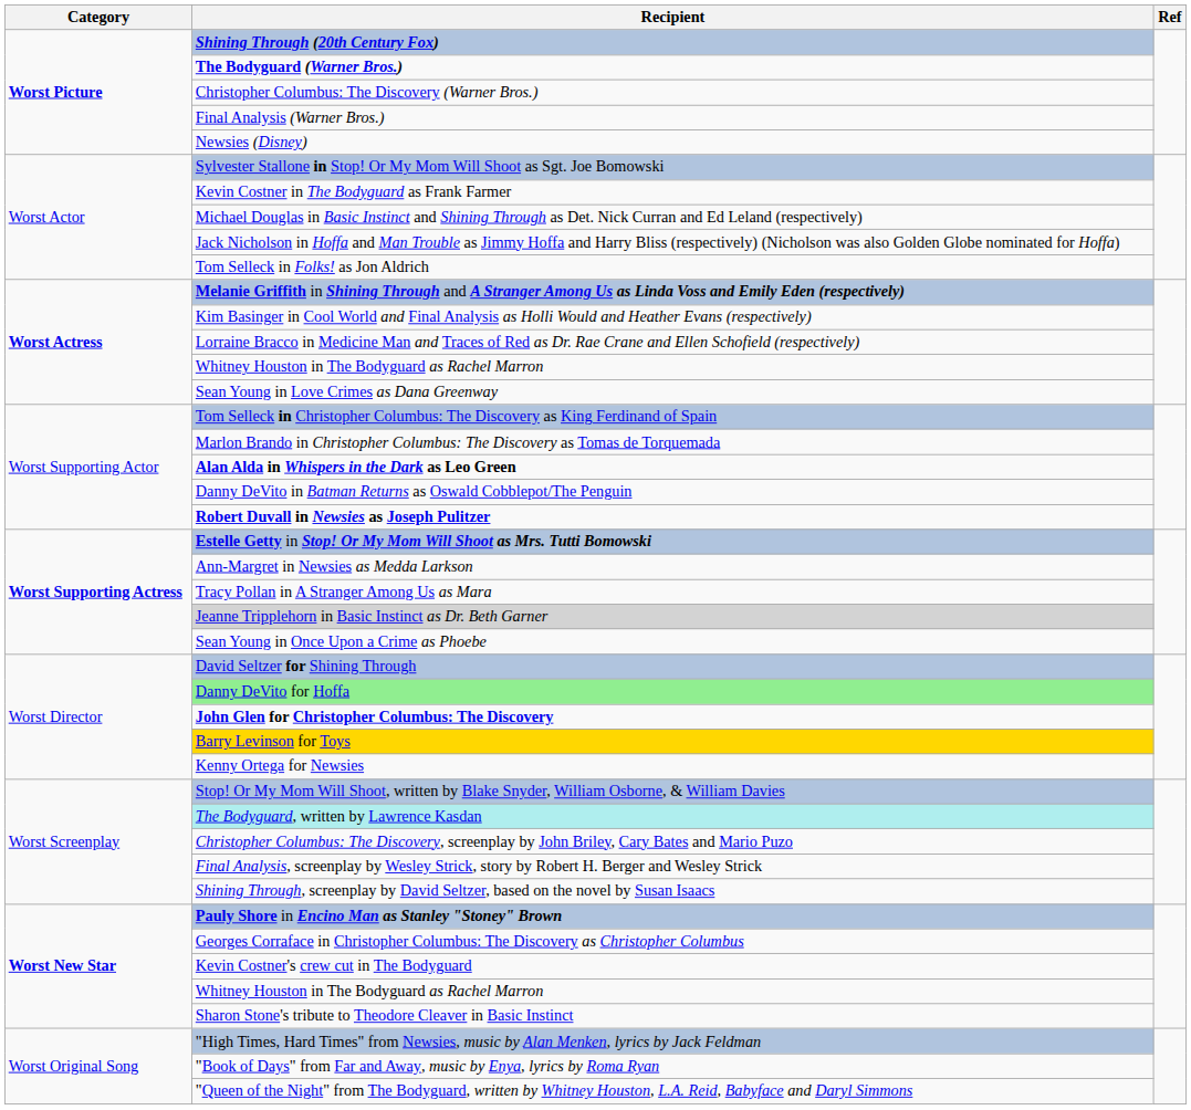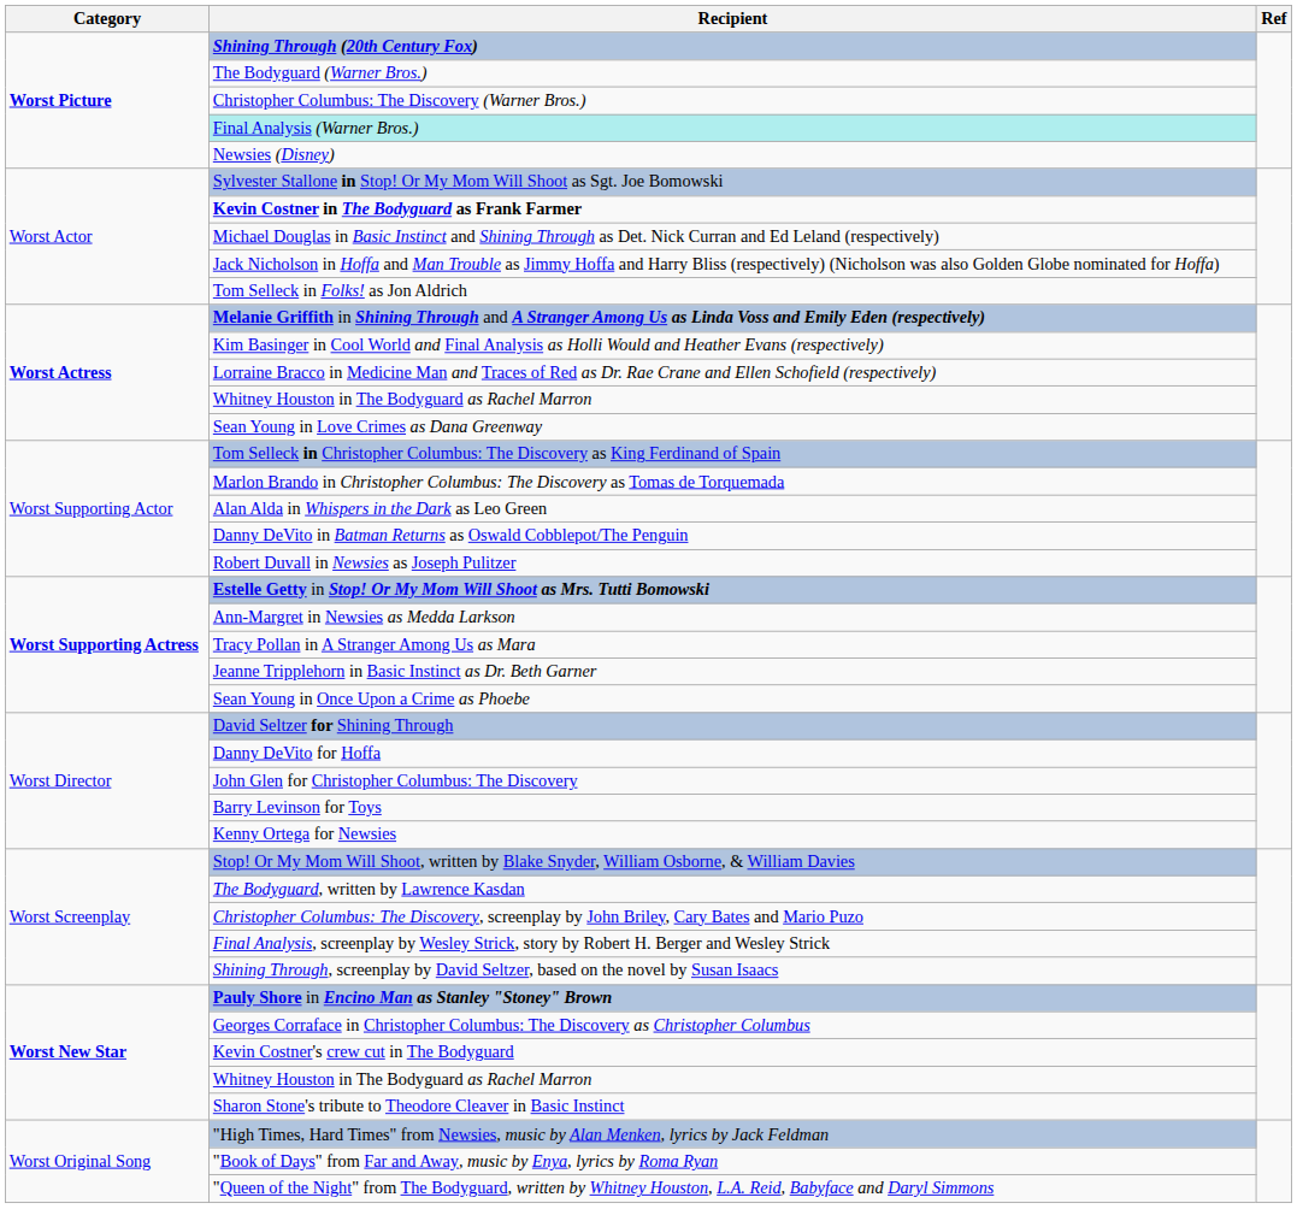 <table class="wikitable" width="95%" align="centre">
 <tr>
 <th>Category</th>
 <th>Recipient</th>
 <th>Ref</th>
 </tr>
 <tr>
 <td rowspan=5><strong><a href='#'>Worst Picture</a></strong></td>
 <td style="background:#B0C4DE;"><strong><em><a href='#'>Shining Through</a><em> (<a href='#'>20th Century Fox</a>)<strong></td>
 <td rowspan=5></td>
 </tr>
 <tr>
-<td><strong></em><a href='#'>The Bodyguard</a><em> (<a href='#'>Warner Bros.</a>)</strong></td>
+<td></em><a href='#'>The Bodyguard</a><em> (<a href='#'>Warner Bros.</a>)</td>
 </tr>
 <tr>
 <td></em><a href='#'>Christopher Columbus: The Discovery</a><em> (Warner Bros.)</td>
 </tr>
 <tr>
-<td></em><a href='#'>Final Analysis</a><em> (Warner Bros.)</td>
+<td style="background: paleturquoise;"></em><a href='#'>Final Analysis</a><em> (Warner Bros.)</td>
 </tr>
 <tr>
 <td></em><a href='#'>Newsies</a><em> (<a href='#'>Disney</a>)</td>
 </tr>
 <tr>
 <td rowspan=5></strong><a href='#'>Worst Actor</a><strong></td>
 <td style="background:#B0C4DE;"></strong><a href='#'>Sylvester Stallone</a><strong> in </em></strong><a href='#'>Stop! Or My Mom Will Shoot</a></em> as Sgt. Joe Bomowski</strong></td>
 <td rowspan=5></td>
 </tr>
 <tr>
-<td><a href='#'>Kevin Costner</a> in <em><a href='#'>The Bodyguard</a></em> as Frank Farmer</td>
+<td><strong><a href='#'>Kevin Costner</a> in <em><a href='#'>The Bodyguard</a></em> as Frank Farmer</strong></td>
 </tr>
 <tr>
 <td><a href='#'>Michael Douglas</a> in <em><a href='#'>Basic Instinct</a></em> and <em><a href='#'>Shining Through</a></em> as Det. Nick Curran and Ed Leland (respectively)</td>
 </tr>
 <tr>
 <td><a href='#'>Jack Nicholson</a> in <em><a href='#'>Hoffa</a></em> and <em><a href='#'>Man Trouble</a></em> as <a href='#'>Jimmy Hoffa</a> and Harry Bliss (respectively) (Nicholson was also Golden Globe nominated for <em>Hoffa</em>)</td>
 </tr>
 <tr>
 <td><a href='#'>Tom Selleck</a> in <em><a href='#'>Folks!</a></em> as Jon Aldrich</td>
 </tr>
 <tr>
 <td rowspan=5><strong><a href='#'>Worst Actress</a></strong></td>
 <td style="background:#B0C4DE;"><strong><a href='#'>Melanie Griffith</a></strong> in <strong><em><a href='#'>Shining Through</a></em></strong> and <strong><em><a href='#'>A Stranger Among Us</a><em> as Linda Voss and Emily Eden (respectively)<strong></td>
 <td rowspan=5></td>
 </tr>
 <tr>
 <td><a href='#'>Kim Basinger</a> in </em><a href='#'>Cool World</a><em> and </em><a href='#'>Final Analysis</a><em> as Holli Would and Heather Evans (respectively)</td>
 </tr>
 <tr>
 <td><a href='#'>Lorraine Bracco</a> in </em><a href='#'>Medicine Man</a><em> and </em><a href='#'>Traces of Red</a><em> as Dr. Rae Crane and Ellen Schofield (respectively)</td>
 </tr>
 <tr>
 <td><a href='#'>Whitney Houston</a> in </em><a href='#'>The Bodyguard</a><em> as Rachel Marron</td>
 </tr>
 <tr>
 <td><a href='#'>Sean Young</a> in </em><a href='#'>Love Crimes</a><em> as Dana Greenway</td>
 </tr>
 <tr>
 <td rowspan=5></strong><a href='#'>Worst Supporting Actor</a><strong></td>
 <td style="background:#B0C4DE;"></strong><a href='#'>Tom Selleck</a><strong> in </em></strong><a href='#'>Christopher Columbus: The Discovery</a></em> as <a href='#'>King Ferdinand of Spain</a></strong></td>
 <td rowspan=5></td>
 </tr>
 <tr>
 <td><a href='#'>Marlon Brando</a> in <em>Christopher Columbus: The Discovery</em> as <a href='#'>Tomas de Torquemada</a></td>
 </tr>
 <tr>
-<td><strong><a href='#'>Alan Alda</a> in <em><a href='#'>Whispers in the Dark</a></em> as Leo Green</strong></td>
+<td><a href='#'>Alan Alda</a> in <em><a href='#'>Whispers in the Dark</a></em> as Leo Green</td>
 </tr>
 <tr>
 <td><a href='#'>Danny DeVito</a> in <em><a href='#'>Batman Returns</a></em> as <a href='#'>Oswald Cobblepot/The Penguin</a></td>
 </tr>
 <tr>
-<td><strong><a href='#'>Robert Duvall</a> in <em><a href='#'>Newsies</a></em> as <a href='#'>Joseph Pulitzer</a></strong></td>
+<td><a href='#'>Robert Duvall</a> in <em><a href='#'>Newsies</a></em> as <a href='#'>Joseph Pulitzer</a></td>
 </tr>
 <tr>
 <td rowspan=5><strong><a href='#'>Worst Supporting Actress</a></strong></td>
 <td style="background:#B0C4DE;"><strong><a href='#'>Estelle Getty</a></strong> in <strong><em><a href='#'>Stop! Or My Mom Will Shoot</a><em> as Mrs. Tutti Bomowski<strong></td>
 <td rowspan=5></td>
 </tr>
 <tr>
 <td><a href='#'>Ann-Margret</a> in </em><a href='#'>Newsies</a><em> as Medda Larkson</td>
 </tr>
 <tr>
 <td><a href='#'>Tracy Pollan</a> in </em><a href='#'>A Stranger Among Us</a><em> as Mara</td>
 </tr>
 <tr>
-<td style="background: lightgrey;"><a href='#'>Jeanne Tripplehorn</a> in </em><a href='#'>Basic Instinct</a><em> as Dr. Beth Garner</td>
+<td><a href='#'>Jeanne Tripplehorn</a> in </em><a href='#'>Basic Instinct</a><em> as Dr. Beth Garner</td>
 </tr>
 <tr>
 <td><a href='#'>Sean Young</a> in </em><a href='#'>Once Upon a Crime</a><em> as Phoebe</td>
 </tr>
 <tr>
 <td rowspan=5></strong><a href='#'>Worst Director</a><strong></td>
 <td style="background:#B0C4DE;"></strong><a href='#'>David Seltzer</a><strong> for </em></strong><a href='#'>Shining Through</a><strong><em></td>
 <td rowspan=5></td>
 </tr>
 <tr>
-<td style="background: lightgreen;"><a href='#'>Danny DeVito</a> for </em><a href='#'>Hoffa</a><em></td>
+<td><a href='#'>Danny DeVito</a> for </em><a href='#'>Hoffa</a><em></td>
 </tr>
 <tr>
-<td><strong><a href='#'>John Glen</a> for </em><a href='#'>Christopher Columbus: The Discovery</a><em></strong></td>
+<td><a href='#'>John Glen</a> for </em><a href='#'>Christopher Columbus: The Discovery</a><em></td>
 </tr>
 <tr>
-<td style="background: gold;"><a href='#'>Barry Levinson</a> for </em><a href='#'>Toys</a><em></td>
+<td><a href='#'>Barry Levinson</a> for </em><a href='#'>Toys</a><em></td>
 </tr>
 <tr>
 <td><a href='#'>Kenny Ortega</a> for </em><a href='#'>Newsies</a><em></td>
 </tr>
 <tr>
 <td rowspan=5></strong><a href='#'>Worst Screenplay</a><strong></td>
 <td style="background:#B0C4DE;"></em></strong><a href='#'>Stop! Or My Mom Will Shoot</a></em>, written by <a href='#'>Blake Snyder</a>, <a href='#'>William Osborne</a>, & <a href='#'>William Davies</a></strong></td>
 <td rowspan=5></td>
 </tr>
 <tr>
-<td style="background: paleturquoise;"><em><a href='#'>The Bodyguard</a></em>, written by <a href='#'>Lawrence Kasdan</a></td>
+<td><em><a href='#'>The Bodyguard</a></em>, written by <a href='#'>Lawrence Kasdan</a></td>
 </tr>
 <tr>
 <td><em><a href='#'>Christopher Columbus: The Discovery</a></em>, screenplay by <a href='#'>John Briley</a>, <a href='#'>Cary Bates</a> and <a href='#'>Mario Puzo</a></td>
 </tr>
 <tr>
 <td><em><a href='#'>Final Analysis</a></em>, screenplay by <a href='#'>Wesley Strick</a>, story by Robert H. Berger and Wesley Strick</td>
 </tr>
 <tr>
 <td><em><a href='#'>Shining Through</a></em>, screenplay by <a href='#'>David Seltzer</a>, based on the novel by <a href='#'>Susan Isaacs</a></td>
 </tr>
 <tr>
 <td rowspan=5><strong><a href='#'>Worst New Star</a></strong></td>
 <td style="background:#B0C4DE;"><strong><a href='#'>Pauly Shore</a></strong> in <strong><em><a href='#'>Encino Man</a><em> as Stanley "Stoney" Brown<strong></td>
 <td rowspan=5></td>
 </tr>
 <tr>
 <td><a href='#'>Georges Corraface</a> in </em><a href='#'>Christopher Columbus: The Discovery</a><em> as <a href='#'>Christopher Columbus</a></td>
 </tr>
 <tr>
 <td><a href='#'>Kevin Costner</a>'s <a href='#'>crew cut</a> in </em><a href='#'>The Bodyguard</a><em></td>
 </tr>
 <tr>
 <td><a href='#'>Whitney Houston</a> in </em>The Bodyguard<em> as Rachel Marron</td>
 </tr>
 <tr>
 <td><a href='#'>Sharon Stone</a>'s tribute to <a href='#'>Theodore Cleaver</a> in </em><a href='#'>Basic Instinct</a><em></td>
 </tr>
 <tr>
 <td rowspan=3></strong><a href='#'>Worst Original Song</a><strong></td>
 <td style="background:#B0C4DE;"></strong>"High Times, Hard Times" from </em><a href='#'>Newsies</a><em>, music by <a href='#'>Alan Menken</a>, lyrics by Jack Feldman<strong></td>
 <td rowspan=3></td>
 </tr>
 <tr>
 <td>"<a href='#'>Book of Days</a>" from </em><a href='#'>Far and Away</a><em>, music by <a href='#'>Enya</a>, lyrics by <a href='#'>Roma Ryan</a></td>
 </tr>
 <tr>
 <td>"<a href='#'>Queen of the Night</a>" from </em><a href='#'>The Bodyguard</a><em>, written by <a href='#'>Whitney Houston</a>, <a href='#'>L.A. Reid</a>, <a href='#'>Babyface</a> and <a href='#'>Daryl Simmons</a></td>
 </tr>
 </table>
